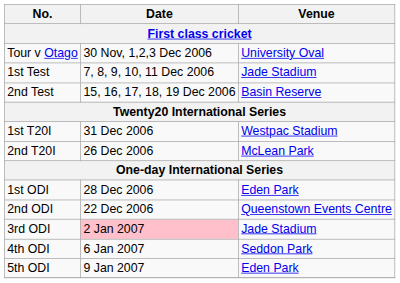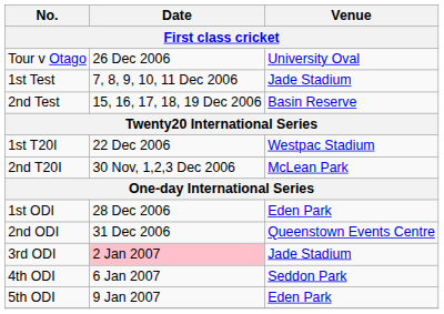 <table class="wikitable">
 <tr>
 <th>No.</th>
 <th>Date</th>
 <th>Venue</th>
 </tr>
 <tr>
 <th colspan="6"><a href='#'>First class cricket</a></th>
 </tr>
 <tr>
 <td>Tour v <a href='#'>Otago</a></td>
-<td>30 Nov, 1,2,3 Dec 2006</td>
+<td>26 Dec 2006</td>
 <td><a href='#'>University Oval</a></td>
 </tr>
 <tr>
 <td>1st Test</td>
 <td>7, 8, 9, 10, 11 Dec 2006</td>
 <td><a href='#'>Jade Stadium</a></td>
 </tr>
 <tr>
 <td>2nd Test</td>
 <td>15, 16, 17, 18, 19 Dec 2006</td>
 <td><a href='#'>Basin Reserve</a></td>
 </tr>
 <tr>
 <th colspan="6">Twenty20 International Series</th>
 </tr>
 <tr>
 <td>1st T20I</td>
-<td>31 Dec 2006</td>
+<td>22 Dec 2006</td>
 <td><a href='#'>Westpac Stadium</a></td>
 </tr>
 <tr>
 <td>2nd T20I</td>
-<td>26 Dec 2006</td>
+<td>30 Nov, 1,2,3 Dec 2006</td>
 <td><a href='#'>McLean Park</a></td>
 </tr>
 <tr>
 <th colspan="6">One-day International Series</th>
 </tr>
 <tr>
 <td>1st ODI</td>
 <td>28 Dec 2006</td>
 <td><a href='#'>Eden Park</a></td>
 </tr>
 <tr>
 <td>2nd ODI</td>
-<td>22 Dec 2006</td>
+<td>31 Dec 2006</td>
 <td><a href='#'>Queenstown Events Centre</a></td>
 </tr>
 <tr>
 <td>3rd ODI</td>
 <td style="background: pink;">2 Jan 2007</td>
 <td><a href='#'>Jade Stadium</a></td>
 </tr>
 <tr>
 <td>4th ODI</td>
 <td>6 Jan 2007</td>
 <td><a href='#'>Seddon Park</a></td>
 </tr>
 <tr>
 <td>5th ODI</td>
 <td>9 Jan 2007</td>
 <td><a href='#'>Eden Park</a></td>
 </tr>
 <tr>
 </tr>
 </table>
